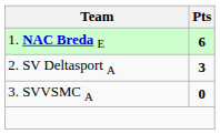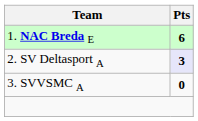 <table class="wikitable" style="text-align:center; float:left; margin-right:1em">
 <tr>
 <th style="width:200px">Team</th>
 <th width=20>Pts</th>
 </tr>
 <tr bgcolor=ccffcc>
 <td align=left>1. <strong><a href='#'>NAC Breda</a></strong> <sub>E</sub></td>
 <td><strong>6</strong></td>
 </tr>
 <tr>
 <td align=left>2. SV Deltasport <sub>A</sub></td>
-<td><strong>3</strong></td>
+<td style="background: lavender;"><strong>3</strong></td>
 </tr>
 <tr>
 <td align=left>3. SVVSMC <sub>A</sub></td>
 <td><strong>0</strong></td>
 </tr>
 <tr>
 <td colspan=2> </td>
 </tr>
 </table>
